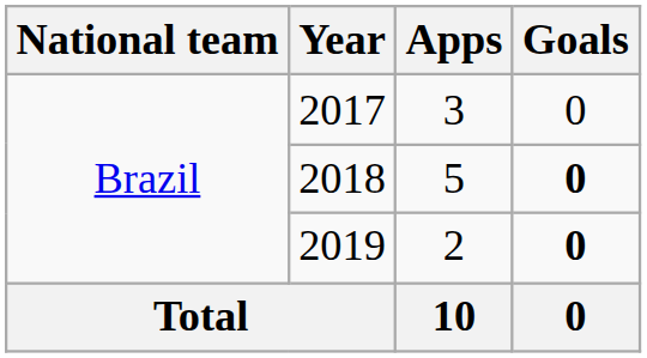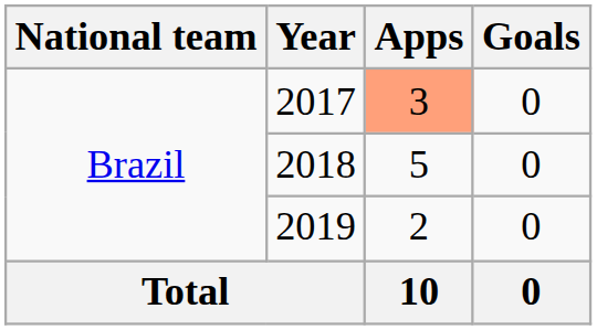 <table class="wikitable" style="text-align:center">
 <tr>
 <th>National team</th>
 <th>Year</th>
 <th>Apps</th>
 <th>Goals</th>
 </tr>
 <tr>
 <td rowspan="3"><a href='#'>Brazil</a></td>
 <td>2017</td>
-<td>3</td>
+<td style="background: lightsalmon;">3</td>
 <td>0</td>
 </tr>
 <tr>
 <td>2018</td>
 <td>5</td>
-<td><strong>0</strong></td>
+<td>0</td>
 </tr>
 <tr>
 <td>2019</td>
 <td>2</td>
-<td><strong>0</strong></td>
+<td>0</td>
 </tr>
 <tr>
 <th colspan="2">Total</th>
 <th>10</th>
 <th>0</th>
 </tr>
 </table>
